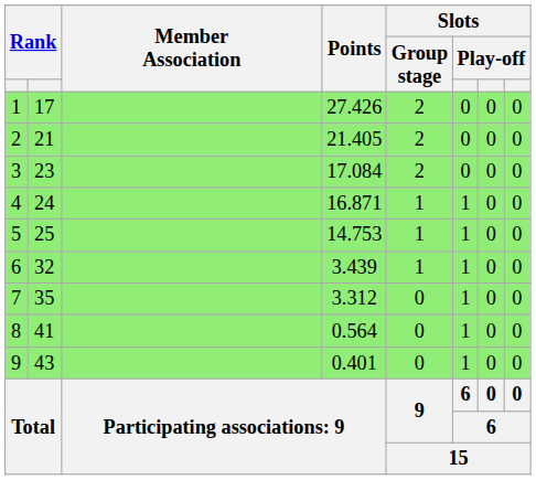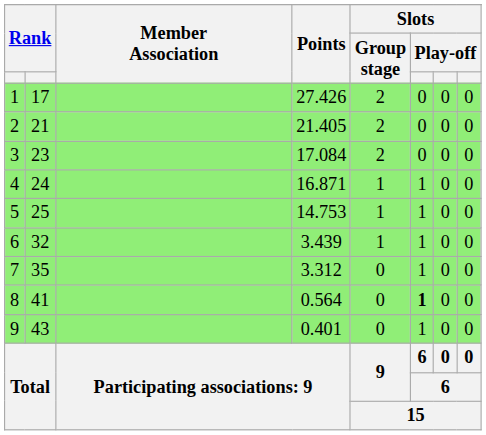 <table class="wikitable" style="text-align:center">
 <tr>
 </tr>
 <tr>
 <th colspan=2 rowspan=2><a href='#'>Rank</a></th>
 <th rowspan=3 width=200>Member<br>Association</th>
 <th rowspan=3>Points</th>
 <th colspan=4>Slots</th>
 </tr>
 <tr>
 <th rowspan=2>Group<br>stage</th>
 <th colspan=3>Play-off</th>
 </tr>
 <tr>
 <th></th>
 <th></th>
 <th></th>
 <th></th>
 <th></th>
 </tr>
 <tr bgcolor=#90ee77>
 <td>1</td>
 <td>17</td>
 <td align=left></td>
 <td>27.426</td>
 <td>2</td>
 <td>0</td>
 <td>0</td>
 <td>0</td>
 </tr>
 <tr bgcolor=#90ee77>
 <td>2</td>
 <td>21</td>
 <td align=left></td>
 <td>21.405</td>
 <td>2</td>
 <td>0</td>
 <td>0</td>
 <td>0</td>
 </tr>
 <tr bgcolor=#90ee77>
 <td>3</td>
 <td>23</td>
 <td align=left></td>
 <td>17.084</td>
 <td>2</td>
 <td>0</td>
 <td>0</td>
 <td>0</td>
 </tr>
 <tr bgcolor=#90ee77>
 <td>4</td>
 <td>24</td>
 <td align=left></td>
 <td>16.871</td>
 <td>1</td>
 <td>1</td>
 <td>0</td>
 <td>0</td>
 </tr>
 <tr bgcolor=#90ee77>
 <td>5</td>
 <td>25</td>
 <td align=left></td>
 <td>14.753</td>
 <td>1</td>
 <td>1</td>
 <td>0</td>
 <td>0</td>
 </tr>
 <tr bgcolor=#90ee77>
 <td>6</td>
 <td>32</td>
 <td align=left></td>
 <td>3.439</td>
 <td>1</td>
 <td>1</td>
 <td>0</td>
 <td>0</td>
 </tr>
 <tr bgcolor=#90ee77>
 <td>7</td>
 <td>35</td>
 <td align=left></td>
 <td>3.312</td>
 <td>0</td>
 <td>1</td>
 <td>0</td>
 <td>0</td>
 </tr>
 <tr bgcolor=#90ee77>
 <td>8</td>
 <td>41</td>
 <td align=left></td>
 <td>0.564</td>
 <td>0</td>
-<td>1</td>
+<td><strong>1</strong></td>
 <td>0</td>
 <td>0</td>
 </tr>
 <tr bgcolor=#90ee77>
 <td>9</td>
 <td>43</td>
 <td align=left></td>
 <td>0.401</td>
 <td>0</td>
 <td>1</td>
 <td>0</td>
 <td>0</td>
 </tr>
 <tr>
 <th colspan=2 rowspan=3>Total</th>
 <th colspan=2 rowspan=3>Participating associations: 9</th>
 <th rowspan=2>9</th>
 <th>6</th>
 <th>0</th>
 <th>0</th>
 </tr>
 <tr>
 <th colspan=3>6</th>
 </tr>
 <tr>
 <th colspan=4>15</th>
 </tr>
 </table>
